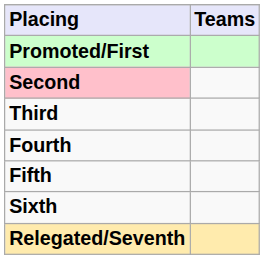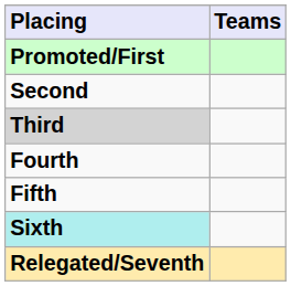 <table class=wikitable>
 <tr>
 </tr>
 <tr style="background: #E6E6FA;">
 <td><strong>Placing</strong></td>
 <td colspan="2" style="text-align:center"><strong>Teams</strong></td>
 </tr>
 <tr style="background: #ccffcc;">
 <td><strong>Promoted/First</strong></td>
 <td><strong></strong></td>
 </tr>
 <tr>
-<td style="background: pink;"><strong>Second</strong></td>
+<td><strong>Second</strong></td>
 <td></td>
 </tr>
 <tr>
-<td><strong>Third</strong></td>
+<td style="background: lightgrey;"><strong>Third</strong></td>
 <td></td>
 </tr>
 <tr>
 <td><strong>Fourth</strong></td>
 <td></td>
 </tr>
 <tr>
 <td><strong>Fifth</strong></td>
 <td></td>
 </tr>
 <tr>
-<td><strong>Sixth</strong></td>
+<td style="background: paleturquoise;"><strong>Sixth</strong></td>
 <td></td>
 </tr>
 <tr style="background: #ffebad;">
 <td><strong>Relegated/Seventh</strong></td>
 <td><em></em></td>
 </tr>
 </table>
